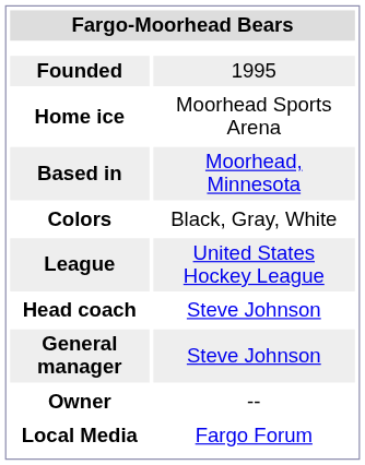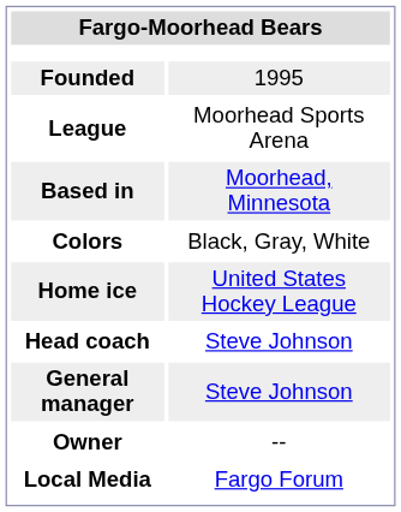 <table style="margin:5px; border:1px solid #8888AA;" align=right cellpadding=3 cellspacing=3 width=280>
 <tr align="center" bgcolor="#dddddd">
 <td colspan=2><strong>Fargo-Moorhead Bears</strong></td>
 </tr>
 <tr align="center">
 <td colspan=2></td>
 </tr>
 <tr align="center" bgcolor="#eeeeee">
 <td><strong>Founded</strong></td>
 <td>1995</td>
 </tr>
 <tr align="center">
-<td><strong>Home ice</strong></td>
+<td><strong>League</strong></td>
 <td>Moorhead Sports Arena</td>
 </tr>
 <tr align="center" bgcolor="#eeeeee">
 <td><strong>Based in</strong></td>
 <td><a href='#'>Moorhead, Minnesota</a></td>
 </tr>
 <tr align="center">
 <td><strong>Colors</strong></td>
 <td>Black, Gray, White</td>
 </tr>
 <tr align="center" bgcolor="#eeeeee">
-<td><strong>League</strong></td>
+<td><strong>Home ice</strong></td>
 <td><a href='#'>United States Hockey League</a></td>
 </tr>
 <tr align="center">
 <td><strong>Head coach</strong></td>
 <td><a href='#'>Steve Johnson</a></td>
 </tr>
 <tr align="center" bgcolor="#eeeeee">
 <td><strong>General manager</strong></td>
 <td><a href='#'>Steve Johnson</a></td>
 </tr>
 <tr align="center">
 <td><strong>Owner</strong></td>
 <td>--</td>
 </tr>
 <tr align="center">
 <td><strong>Local Media</strong></td>
 <td><a href='#'>Fargo Forum</a></td>
 </tr>
 <tr align="center">
 </tr>
 </table>
